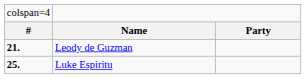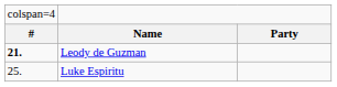 <table class=wikitable style="font-size:90%">
 <tr>
 <td>colspan=4 </td>
 </tr>
 <tr>
 <th>#</th>
 <th width=55%>Name</th>
 <th colspan=2 width=110px>Party</th>
 </tr>
 <tr>
 <td><strong>21.</strong></td>
 <td><a href='#'>Leody de Guzman</a></td>
 <td></td>
 </tr>
 <tr>
-<td><strong>25.</strong></td>
+<td>25.</td>
 <td><a href='#'>Luke Espiritu</a></td>
 <td></td>
 </tr>
 </table>
